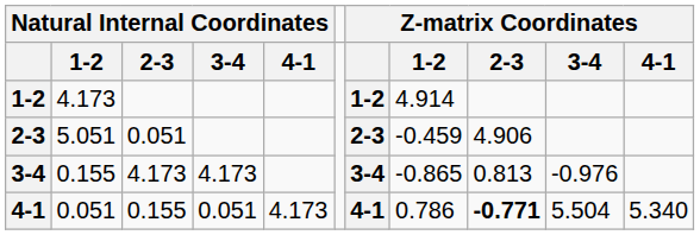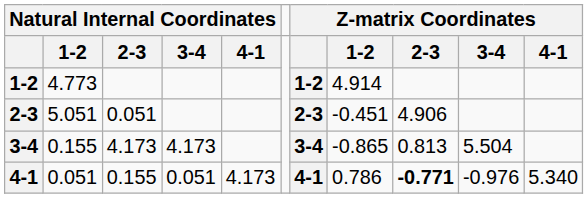 <table class="wikitable">
 <tr>
 <th colspan="5">Natural Internal Coordinates</th>
 <td></td>
 <th colspan="5">Z-matrix Coordinates</th>
 </tr>
 <tr>
 <th></th>
 <th>1-2</th>
 <th>2-3</th>
 <th>3-4</th>
 <th>4-1</th>
 <td rowspan="5"></td>
 <th></th>
 <th>1-2</th>
 <th>2-3</th>
 <th>3-4</th>
 <th>4-1</th>
 </tr>
 <tr>
 <th><strong>1-2</strong></th>
-<td>4.173</td>
+<td>4.773</td>
 <td></td>
 <td></td>
 <td></td>
 <th><strong>1-2</strong></th>
 <td>4.914</td>
 <td></td>
 <td></td>
 <td></td>
 </tr>
 <tr>
 <th><strong>2-3</strong></th>
 <td>5.051</td>
 <td>0.051</td>
 <td></td>
 <td></td>
 <th><strong>2-3</strong></th>
-<td>-0.459</td>
+<td>-0.451</td>
 <td>4.906</td>
 <td></td>
 <td></td>
 </tr>
 <tr>
 <th><strong>3-4</strong></th>
 <td>0.155</td>
 <td>4.173</td>
 <td>4.173</td>
 <td></td>
 <th><strong>3-4</strong></th>
 <td>-0.865</td>
 <td>0.813</td>
-<td>-0.976</td>
+<td>5.504</td>
 <td></td>
 </tr>
 <tr>
 <th><strong>4-1</strong></th>
 <td>0.051</td>
 <td>0.155</td>
 <td>0.051</td>
 <td>4.173</td>
 <th><strong>4-1</strong></th>
 <td>0.786</td>
 <td><strong>-0.771</strong></td>
-<td>5.504</td>
+<td>-0.976</td>
 <td>5.340</td>
 </tr>
 </table>
